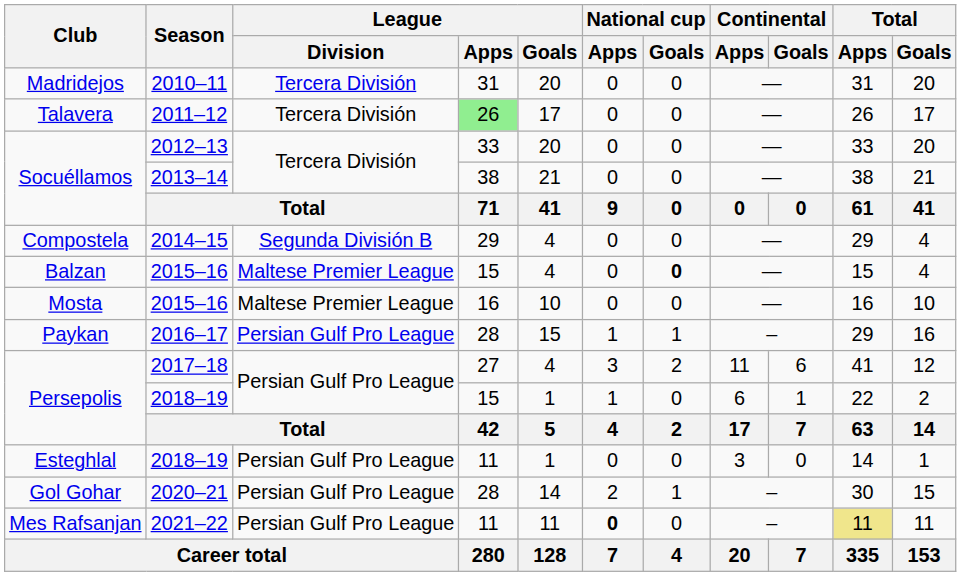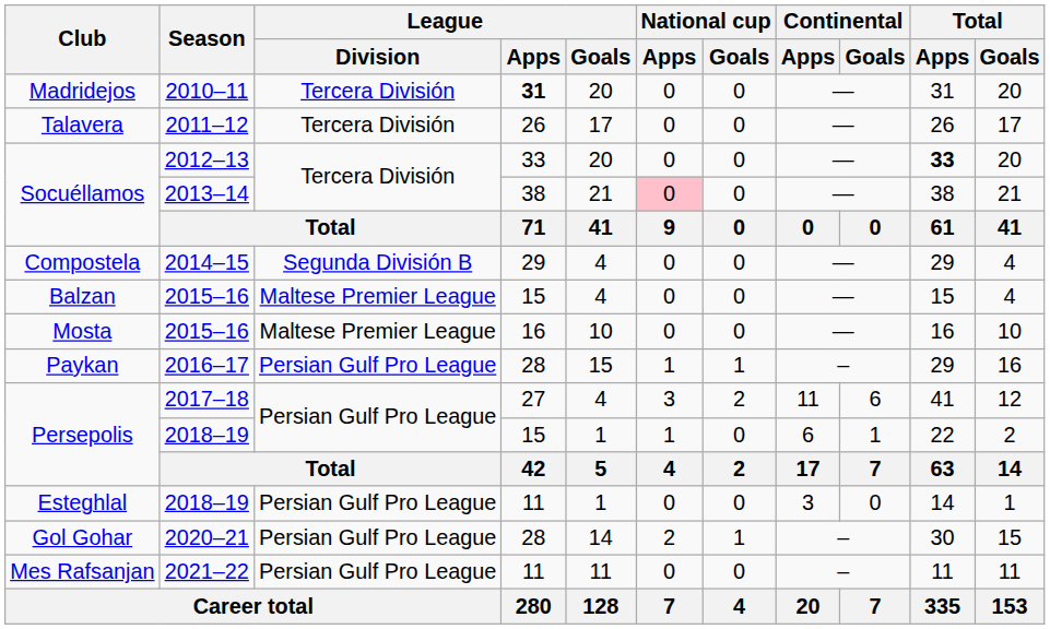 <table class="wikitable" style="text-align:center">
 <tr>
 <th rowspan="2">Club</th>
 <th rowspan="2">Season</th>
 <th colspan="3">League</th>
 <th colspan="2">National cup</th>
 <th colspan="2">Continental</th>
 <th colspan="2">Total</th>
 </tr>
 <tr>
 <th>Division</th>
 <th>Apps</th>
 <th>Goals</th>
 <th>Apps</th>
 <th>Goals</th>
 <th>Apps</th>
 <th>Goals</th>
 <th>Apps</th>
 <th>Goals</th>
 </tr>
 <tr>
 <td><a href='#'>Madridejos</a></td>
 <td><a href='#'>2010–11</a></td>
 <td><a href='#'>Tercera División</a></td>
-<td>31</td>
+<td><strong>31</strong></td>
 <td>20</td>
 <td>0</td>
 <td>0</td>
 <td colspan="2">—</td>
 <td>31</td>
 <td>20</td>
 </tr>
 <tr>
 <td><a href='#'>Talavera</a></td>
 <td><a href='#'>2011–12</a></td>
 <td>Tercera División</td>
-<td style="background: lightgreen;">26</td>
+<td>26</td>
 <td>17</td>
 <td>0</td>
 <td>0</td>
 <td colspan="2">—</td>
 <td>26</td>
 <td>17</td>
 </tr>
 <tr>
 <td rowspan="3"><a href='#'>Socuéllamos</a></td>
 <td><a href='#'>2012–13</a></td>
 <td rowspan="2">Tercera División</td>
 <td>33</td>
 <td>20</td>
 <td>0</td>
 <td>0</td>
 <td colspan="2">—</td>
-<td>33</td>
+<td><strong>33</strong></td>
 <td>20</td>
 </tr>
 <tr>
 <td><a href='#'>2013–14</a></td>
 <td>38</td>
 <td>21</td>
-<td>0</td>
+<td style="background: pink;">0</td>
 <td>0</td>
 <td colspan="2">—</td>
 <td>38</td>
 <td>21</td>
 </tr>
 <tr>
 <th colspan="2">Total</th>
 <th>71</th>
 <th>41</th>
 <th>9</th>
 <th>0</th>
 <th>0</th>
 <th>0</th>
 <th>61</th>
 <th>41</th>
 </tr>
 <tr>
 <td><a href='#'>Compostela</a></td>
 <td><a href='#'>2014–15</a></td>
 <td><a href='#'>Segunda División B</a></td>
 <td>29</td>
 <td>4</td>
 <td>0</td>
 <td>0</td>
 <td colspan="2">—</td>
 <td>29</td>
 <td>4</td>
 </tr>
 <tr>
 <td><a href='#'>Balzan</a></td>
 <td><a href='#'>2015–16</a></td>
 <td><a href='#'>Maltese Premier League</a></td>
 <td>15</td>
 <td>4</td>
 <td>0</td>
-<td><strong>0</strong></td>
+<td>0</td>
 <td colspan="2">—</td>
 <td>15</td>
 <td>4</td>
 </tr>
 <tr>
 <td><a href='#'>Mosta</a></td>
 <td><a href='#'>2015–16</a></td>
 <td>Maltese Premier League</td>
 <td>16</td>
 <td>10</td>
 <td>0</td>
 <td>0</td>
 <td colspan="2">—</td>
 <td>16</td>
 <td>10</td>
 </tr>
 <tr>
 <td><a href='#'>Paykan</a></td>
 <td><a href='#'>2016–17</a></td>
 <td><a href='#'>Persian Gulf Pro League</a></td>
 <td>28</td>
 <td>15</td>
 <td>1</td>
 <td>1</td>
 <td colspan="2">–</td>
 <td>29</td>
 <td>16</td>
 </tr>
 <tr>
 <td rowspan="3"><a href='#'>Persepolis</a></td>
 <td><a href='#'>2017–18</a></td>
 <td rowspan="2">Persian Gulf Pro League</td>
 <td>27</td>
 <td>4</td>
 <td>3</td>
 <td>2</td>
 <td>11</td>
 <td>6</td>
 <td>41</td>
 <td>12</td>
 </tr>
 <tr>
 <td><a href='#'>2018–19</a></td>
 <td>15</td>
 <td>1</td>
 <td>1</td>
 <td>0</td>
 <td>6</td>
 <td>1</td>
 <td>22</td>
 <td>2</td>
 </tr>
 <tr>
 <th colspan="2">Total</th>
 <th>42</th>
 <th>5</th>
 <th>4</th>
 <th>2</th>
 <th>17</th>
 <th>7</th>
 <th>63</th>
 <th>14</th>
 </tr>
 <tr>
 <td><a href='#'>Esteghlal</a></td>
 <td><a href='#'>2018–19</a></td>
 <td>Persian Gulf Pro League</td>
 <td>11</td>
 <td>1</td>
 <td>0</td>
 <td>0</td>
 <td>3</td>
 <td>0</td>
 <td>14</td>
 <td>1</td>
 </tr>
 <tr>
 <td><a href='#'>Gol Gohar</a></td>
 <td><a href='#'>2020–21</a></td>
 <td>Persian Gulf Pro League</td>
 <td>28</td>
 <td>14</td>
 <td>2</td>
 <td>1</td>
 <td colspan="2">–</td>
 <td>30</td>
 <td>15</td>
 </tr>
 <tr>
 <td><a href='#'>Mes Rafsanjan</a></td>
 <td><a href='#'>2021–22</a></td>
 <td>Persian Gulf Pro League</td>
 <td>11</td>
 <td>11</td>
-<td><strong>0</strong></td>
+<td>0</td>
 <td>0</td>
 <td colspan="2">–</td>
-<td style="background: khaki;">11</td>
+<td>11</td>
 <td>11</td>
 </tr>
 <tr>
 <th colspan="3">Career total</th>
 <th>280</th>
 <th>128</th>
 <th>7</th>
 <th>4</th>
 <th>20</th>
 <th>7</th>
 <th>335</th>
 <th>153</th>
 </tr>
 </table>
